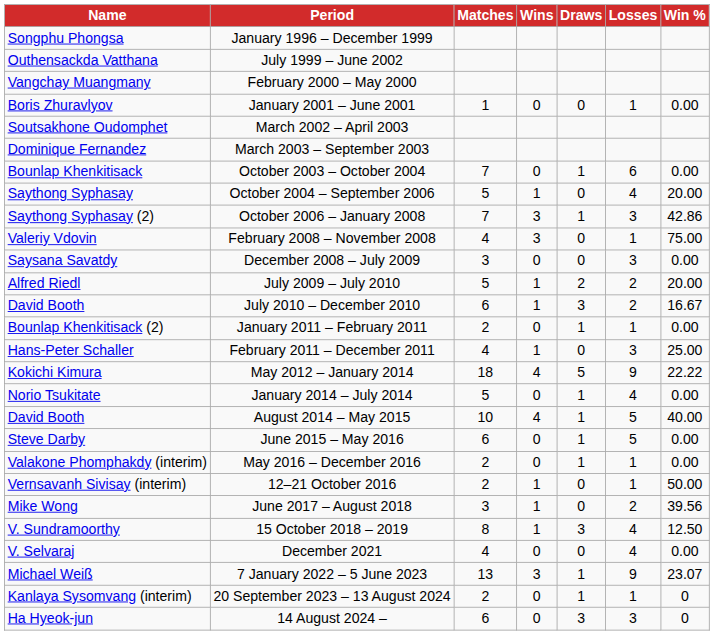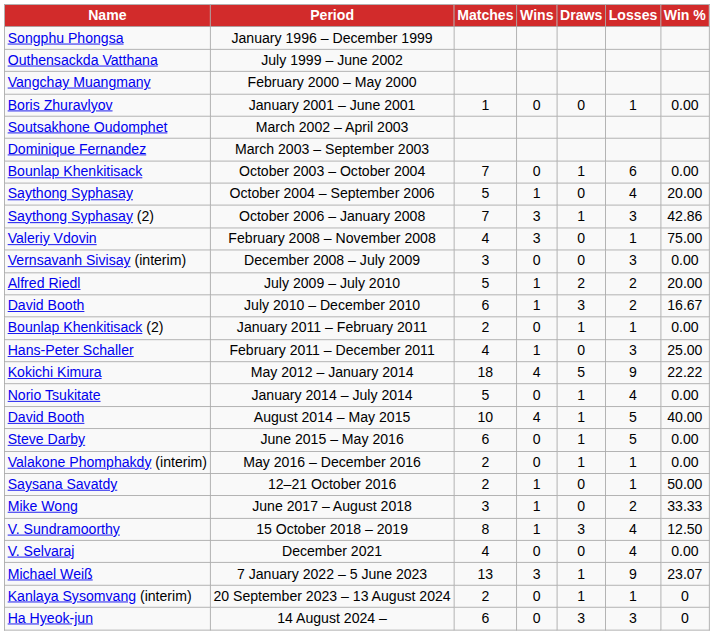 <table class="wikitable" style="text-align:center">
 <tr>
 <th style="background: #D22B2B; color: #FFFFFF;">Name</th>
 <th style="background: #D22B2B; color: #FFFFFF;">Period</th>
 <th style="background: #D22B2B; color: #FFFFFF;">Matches</th>
 <th style="background: #D22B2B; color: #FFFFFF;">Wins</th>
 <th style="background: #D22B2B; color: #FFFFFF;">Draws</th>
 <th style="background: #D22B2B; color: #FFFFFF;">Losses</th>
 <th style="background: #D22B2B; color: #FFFFFF;">Win %</th>
 </tr>
 <tr>
 <td style="text-align:left"> <a href='#'>Songphu Phongsa</a></td>
 <td>January 1996 – December 1999</td>
 <td></td>
 <td></td>
 <td></td>
 <td></td>
 <td></td>
 </tr>
 <tr>
 <td style="text-align:left"> <a href='#'>Outhensackda Vatthana</a></td>
 <td>July 1999 – June 2002</td>
 <td></td>
 <td></td>
 <td></td>
 <td></td>
 <td></td>
 </tr>
 <tr>
 <td style="text-align:left"> <a href='#'>Vangchay Muangmany</a></td>
 <td>February 2000 – May 2000</td>
 <td></td>
 <td></td>
 <td></td>
 <td></td>
 <td></td>
 </tr>
 <tr>
 <td style="text-align:left"> <a href='#'>Boris Zhuravlyov</a></td>
 <td>January 2001 – June 2001</td>
 <td>1</td>
 <td>0</td>
 <td>0</td>
 <td>1</td>
 <td>0.00</td>
 </tr>
 <tr>
 <td style="text-align:left"> <a href='#'>Soutsakhone Oudomphet</a></td>
 <td>March 2002 – April 2003</td>
 <td></td>
 <td></td>
 <td></td>
 <td></td>
 <td></td>
 </tr>
 <tr>
 <td style="text-align:left"> <a href='#'>Dominique Fernandez</a></td>
 <td>March 2003 – September 2003</td>
 <td></td>
 <td></td>
 <td></td>
 <td></td>
 <td></td>
 </tr>
 <tr>
 <td style="text-align:left"> <a href='#'>Bounlap Khenkitisack</a></td>
 <td>October 2003 – October 2004</td>
 <td>7</td>
 <td>0</td>
 <td>1</td>
 <td>6</td>
 <td>0.00</td>
 </tr>
 <tr>
 <td style="text-align:left"> <a href='#'>Saythong Syphasay</a></td>
 <td>October 2004 – September 2006</td>
 <td>5</td>
 <td>1</td>
 <td>0</td>
 <td>4</td>
 <td>20.00</td>
 </tr>
 <tr>
 <td style="text-align:left"> <a href='#'>Saythong Syphasay</a> (2)</td>
 <td>October 2006 – January 2008</td>
 <td>7</td>
 <td>3</td>
 <td>1</td>
 <td>3</td>
 <td>42.86</td>
 </tr>
 <tr>
 <td style="text-align:left"> <a href='#'>Valeriy Vdovin</a></td>
 <td>February 2008 – November 2008</td>
 <td>4</td>
 <td>3</td>
 <td>0</td>
 <td>1</td>
 <td>75.00</td>
 </tr>
 <tr>
-<td style="text-align:left"> <a href='#'>Saysana Savatdy</a></td>
+<td style="text-align:left"> <a href='#'>Vernsavanh Sivisay</a> (interim)</td>
 <td>December 2008 – July 2009</td>
 <td>3</td>
 <td>0</td>
 <td>0</td>
 <td>3</td>
 <td>0.00</td>
 </tr>
 <tr>
 <td style="text-align:left"> <a href='#'>Alfred Riedl</a></td>
 <td>July 2009 – July 2010</td>
 <td>5</td>
 <td>1</td>
 <td>2</td>
 <td>2</td>
 <td>20.00</td>
 </tr>
 <tr>
 <td style="text-align:left"> <a href='#'>David Booth</a></td>
 <td>July 2010 – December 2010</td>
 <td>6</td>
 <td>1</td>
 <td>3</td>
 <td>2</td>
 <td>16.67</td>
 </tr>
 <tr>
 <td style="text-align:left"> <a href='#'>Bounlap Khenkitisack</a> (2)</td>
 <td>January 2011 – February 2011</td>
 <td>2</td>
 <td>0</td>
 <td>1</td>
 <td>1</td>
 <td>0.00</td>
 </tr>
 <tr>
 <td style="text-align:left"> <a href='#'>Hans-Peter Schaller</a></td>
 <td>February 2011 – December 2011</td>
 <td>4</td>
 <td>1</td>
 <td>0</td>
 <td>3</td>
 <td>25.00</td>
 </tr>
 <tr>
 <td style="text-align:left"> <a href='#'>Kokichi Kimura</a></td>
 <td>May 2012 – January 2014</td>
 <td>18</td>
 <td>4</td>
 <td>5</td>
 <td>9</td>
 <td>22.22</td>
 </tr>
 <tr>
 <td style="text-align:left"> <a href='#'>Norio Tsukitate</a></td>
 <td>January 2014 – July 2014</td>
 <td>5</td>
 <td>0</td>
 <td>1</td>
 <td>4</td>
 <td>0.00</td>
 </tr>
 <tr>
 <td style="text-align:left"> <a href='#'>David Booth</a></td>
 <td>August 2014 – May 2015</td>
 <td>10</td>
 <td>4</td>
 <td>1</td>
 <td>5</td>
 <td>40.00</td>
 </tr>
 <tr>
 <td style="text-align:left"> <a href='#'>Steve Darby</a></td>
 <td>June 2015 – May 2016</td>
 <td>6</td>
 <td>0</td>
 <td>1</td>
 <td>5</td>
 <td>0.00</td>
 </tr>
 <tr>
 <td style="text-align:left"> <a href='#'>Valakone Phomphakdy</a> (interim)</td>
 <td>May 2016 – December 2016</td>
 <td>2</td>
 <td>0</td>
 <td>1</td>
 <td>1</td>
 <td>0.00</td>
 </tr>
 <tr>
-<td style="text-align:left"> <a href='#'>Vernsavanh Sivisay</a> (interim)</td>
+<td style="text-align:left"> <a href='#'>Saysana Savatdy</a></td>
 <td>12–21 October 2016</td>
 <td>2</td>
 <td>1</td>
 <td>0</td>
 <td>1</td>
 <td>50.00</td>
 </tr>
 <tr>
 <td style="text-align:left"> <a href='#'>Mike Wong</a></td>
 <td>June 2017 – August 2018</td>
 <td>3</td>
 <td>1</td>
 <td>0</td>
 <td>2</td>
-<td>39.56</td>
+<td>33.33</td>
 </tr>
 <tr>
 <td style="text-align:left"> <a href='#'>V. Sundramoorthy</a></td>
 <td>15 October 2018 – 2019</td>
 <td>8</td>
 <td>1</td>
 <td>3</td>
 <td>4</td>
 <td>12.50</td>
 </tr>
 <tr>
 <td style="text-align:left"> <a href='#'>V. Selvaraj</a></td>
 <td>December 2021</td>
 <td>4</td>
 <td>0</td>
 <td>0</td>
 <td>4</td>
 <td>0.00</td>
 </tr>
 <tr>
 <td style="text-align:left"> <a href='#'>Michael Weiß</a></td>
 <td>7 January 2022 – 5 June 2023</td>
 <td>13</td>
 <td>3</td>
 <td>1</td>
 <td>9</td>
 <td>23.07</td>
 </tr>
 <tr>
 <td style="text-align:left"> <a href='#'>Kanlaya Sysomvang</a> (interim)</td>
 <td>20 September 2023 – 13 August 2024</td>
 <td>2</td>
 <td>0</td>
 <td>1</td>
 <td>1</td>
 <td>0</td>
 </tr>
 <tr>
 <td style="text-align:left"> <a href='#'>Ha Hyeok-jun</a></td>
 <td>14 August 2024 –</td>
 <td>6</td>
 <td>0</td>
 <td>3</td>
 <td>3</td>
 <td>0</td>
 </tr>
 </table>
